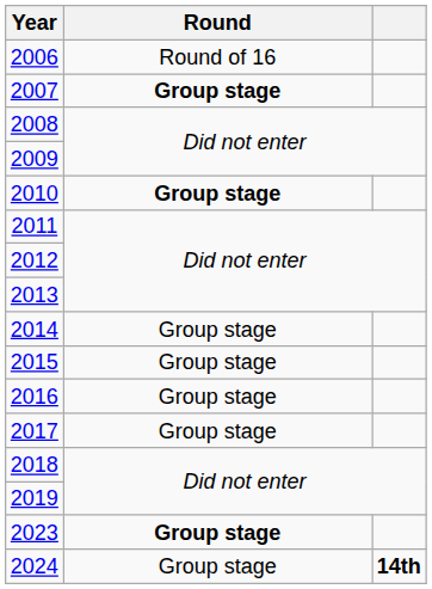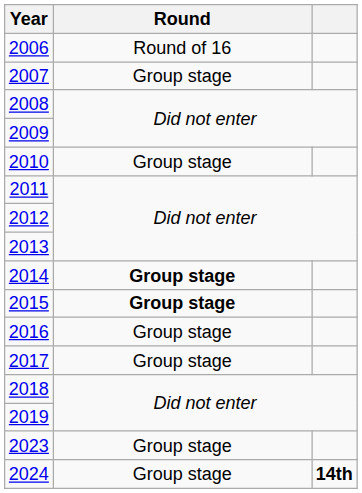 <table class="wikitable" style="text-align: center; font-size:90%">
 <tr>
 <th>Year</th>
 <th style="width:200px">Round</th>
 <th></th>
 </tr>
 <tr>
 <td><a href='#'>2006</a></td>
 <td>Round of 16</td>
 <td></td>
 </tr>
 <tr>
 <td><a href='#'>2007</a></td>
-<td><strong>Group stage</strong></td>
+<td>Group stage</td>
 <td></td>
 </tr>
 <tr>
 <td><a href='#'>2008</a></td>
 <td colspan="2" rowspan="2"><em>Did not enter</em></td>
 </tr>
 <tr>
 <td><a href='#'>2009</a></td>
 </tr>
 <tr>
 <td><a href='#'>2010</a></td>
-<td><strong>Group stage</strong></td>
+<td>Group stage</td>
 <td></td>
 </tr>
 <tr>
 <td><a href='#'>2011</a></td>
 <td colspan="2" rowspan="3"><em>Did not enter</em></td>
 </tr>
 <tr>
 <td><a href='#'>2012</a></td>
 </tr>
 <tr>
 <td><a href='#'>2013</a></td>
 </tr>
 <tr>
 <td><a href='#'>2014</a></td>
-<td>Group stage</td>
+<td><strong>Group stage</strong></td>
 <td></td>
 </tr>
 <tr>
 <td><a href='#'>2015</a></td>
-<td>Group stage</td>
+<td><strong>Group stage</strong></td>
 <td></td>
 </tr>
 <tr>
 <td><a href='#'>2016</a></td>
 <td>Group stage</td>
 <td></td>
 </tr>
 <tr>
 <td><a href='#'>2017</a></td>
 <td>Group stage</td>
 <td></td>
 </tr>
 <tr>
 <td><a href='#'>2018</a></td>
 <td colspan="2" rowspan="2"><em>Did not enter</em></td>
 </tr>
 <tr>
 <td><a href='#'>2019</a></td>
 </tr>
 <tr>
 <td><a href='#'>2023</a></td>
-<td><strong>Group stage</strong></td>
+<td>Group stage</td>
 <td></td>
 </tr>
 <tr>
 <td><a href='#'>2024</a></td>
 <td>Group stage</td>
 <td><strong>14th</strong></td>
 </tr>
 </table>
